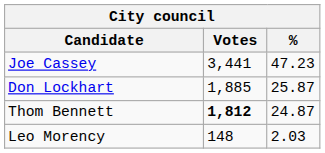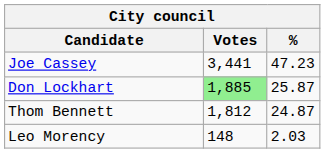 <table class="wikitable">
 <tr>
 <th colspan="3">City council</th>
 </tr>
 <tr>
 <th style="width: 170px">Candidate</th>
 <th style="width: 50px">Votes</th>
 <th style="width: 40px">%</th>
 </tr>
 <tr>
 <td><a href='#'>Joe Cassey</a></td>
 <td>3,441</td>
 <td>47.23</td>
 </tr>
 <tr>
 <td><a href='#'>Don Lockhart</a></td>
-<td>1,885</td>
+<td style="background: lightgreen;">1,885</td>
 <td>25.87</td>
 </tr>
 <tr>
 <td>Thom Bennett</td>
-<td><strong>1,812</strong></td>
+<td>1,812</td>
 <td>24.87</td>
 </tr>
 <tr>
 <td>Leo Morency</td>
 <td>148</td>
 <td>2.03</td>
 </tr>
 </table>
